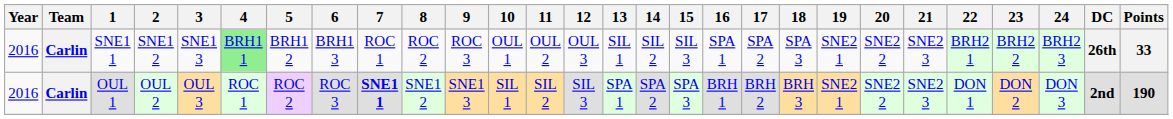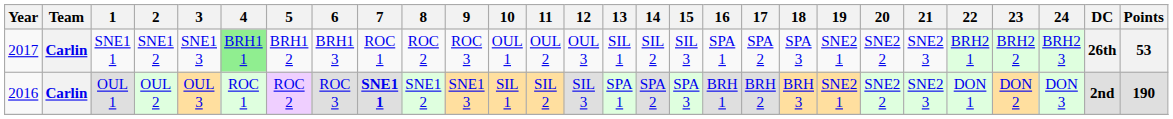 <table class="wikitable" style="text-align:center; font-size:85%">
 <tr>
 <th>Year</th>
 <th>Team</th>
 <th>1</th>
 <th>2</th>
 <th>3</th>
 <th>4</th>
 <th>5</th>
 <th>6</th>
 <th>7</th>
 <th>8</th>
 <th>9</th>
 <th>10</th>
 <th>11</th>
 <th>12</th>
 <th>13</th>
 <th>14</th>
 <th>15</th>
 <th>16</th>
 <th>17</th>
 <th>18</th>
 <th>19</th>
 <th>20</th>
 <th>21</th>
 <th>22</th>
 <th>23</th>
 <th>24</th>
 <th>DC</th>
 <th>Points</th>
 </tr>
 <tr>
-<td><a href='#'>2016</a></td>
+<td><a href='#'>2017</a></td>
 <th><a href='#'>Carlin</a></th>
 <td><a href='#'>SNE1<br>1</a></td>
 <td><a href='#'>SNE1<br>2</a></td>
 <td><a href='#'>SNE1<br>3</a></td>
 <td style="background: lightgreen;"><a href='#'>BRH1<br>1</a></td>
 <td><a href='#'>BRH1<br>2</a></td>
 <td><a href='#'>BRH1<br>3</a></td>
 <td><a href='#'>ROC<br>1</a></td>
 <td><a href='#'>ROC<br>2</a></td>
 <td><a href='#'>ROC<br>3</a></td>
 <td><a href='#'>OUL<br>1</a></td>
 <td><a href='#'>OUL<br>2</a></td>
 <td><a href='#'>OUL<br>3</a></td>
 <td><a href='#'>SIL<br>1</a></td>
 <td><a href='#'>SIL<br>2</a></td>
 <td><a href='#'>SIL<br>3</a></td>
 <td><a href='#'>SPA<br>1</a></td>
 <td><a href='#'>SPA<br>2</a></td>
 <td><a href='#'>SPA<br>3</a></td>
 <td><a href='#'>SNE2<br>1</a></td>
 <td><a href='#'>SNE2<br>2</a></td>
 <td><a href='#'>SNE2<br>3</a></td>
 <td style="background:#dfffdf;"><a href='#'>BRH2<br>1</a><br></td>
 <td style="background:#dfffdf;"><a href='#'>BRH2<br>2</a><br></td>
 <td style="background:#dfffdf;"><a href='#'>BRH2<br>3</a><br></td>
 <th>26th</th>
-<th>33</th>
+<th>53</th>
 </tr>
 <tr>
 <td><a href='#'>2016</a></td>
 <th><a href='#'>Carlin</a></th>
 <td style="background:#DFDFDF;"><a href='#'>OUL<br>1</a><br></td>
 <td style="background:#DFFFDF;"><a href='#'>OUL<br>2</a><br></td>
 <td style="background:#FFDF9F;"><a href='#'>OUL<br>3</a><br></td>
 <td style="background:#DFFFDF;"><a href='#'>ROC<br>1</a><br></td>
 <td style="background:#EFCFFF;"><a href='#'>ROC<br>2</a><br></td>
 <td style="background:#DFDFDF;"><a href='#'>ROC<br>3</a><br></td>
 <td style="background:#DFDFDF;"><strong><a href='#'>SNE1<br>1</a></strong><br></td>
 <td style="background:#DFFFDF;"><a href='#'>SNE1<br>2</a><br></td>
 <td style="background:#FFDF9F;"><a href='#'>SNE1<br>3</a><br></td>
 <td style="background:#FFDF9F;"><a href='#'>SIL<br>1</a><br></td>
 <td style="background:#FFDF9F;"><a href='#'>SIL<br>2</a><br></td>
 <td style="background:#DFDFDF;"><a href='#'>SIL<br>3</a><br></td>
 <td style="background:#DFFFDF;"><a href='#'>SPA<br>1</a><br></td>
 <td style="background:#DFDFDF;"><a href='#'>SPA<br>2</a><br></td>
 <td style="background:#DFFFDF;"><a href='#'>SPA<br>3</a><br></td>
 <td style="background:#DFDFDF;"><a href='#'>BRH<br>1</a><br></td>
 <td style="background:#DFDFDF;"><a href='#'>BRH<br>2</a><br></td>
 <td style="background:#FFDF9F;"><a href='#'>BRH<br>3</a><br></td>
 <td style="background:#FFDF9F;"><a href='#'>SNE2<br>1</a><br></td>
 <td style="background:#DFFFDF;"><a href='#'>SNE2<br>2</a><br></td>
 <td style="background:#DFFFDF;"><a href='#'>SNE2<br>3</a><br></td>
 <td style="background:#DFFFDF;"><a href='#'>DON<br>1</a><br></td>
 <td style="background:#FFDF9F;"><a href='#'>DON<br>2</a><br></td>
 <td style="background:#DFFFDF;"><a href='#'>DON<br>3</a><br></td>
 <th style="background:#DFDFDF;">2nd</th>
 <th style="background:#DFDFDF;">190</th>
 </tr>
 <tr>
 </tr>
 </table>
